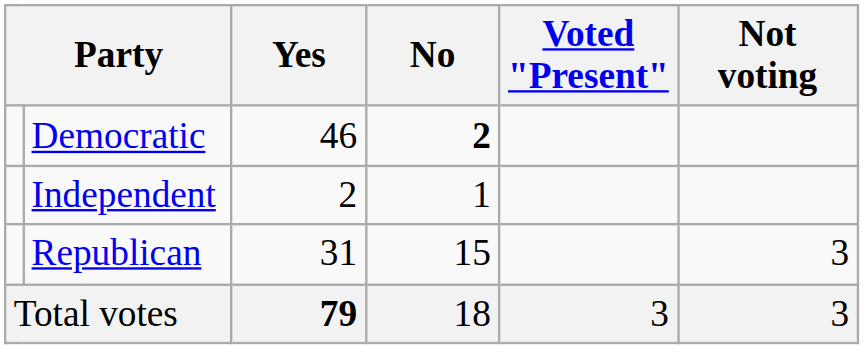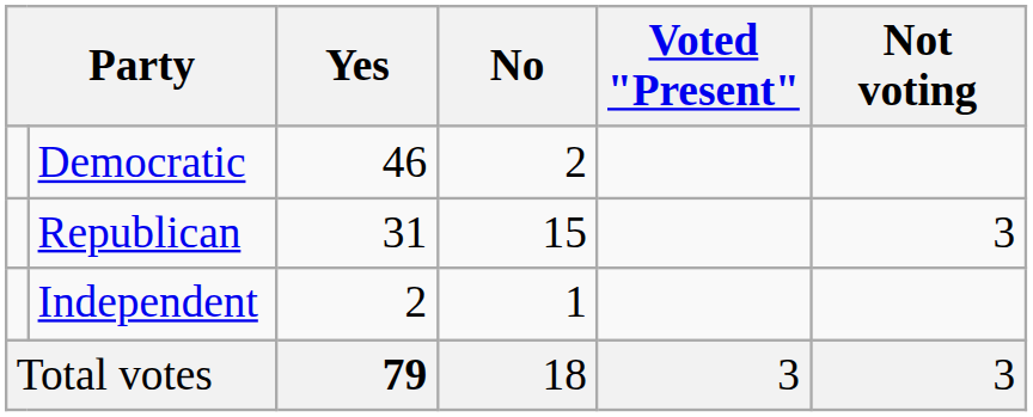 <table class="wikitable" style="margin-right: 1em; background: #f9f9f9; text-align: right;">
 <tr>
 <th colspan="2" scope="col" style="width: 90px">Party</th>
 <th scope="col" style="width: 50px">Yes</th>
 <th scope="col" style="width: 50px">No</th>
 <th scope="col" style="width: 50px"><a href='#'>Voted "Present"</a></th>
 <th scope="col" style="width: 70px">Not voting</th>
 </tr>
 <tr>
 <td scope="row" style="background-color:"></td>
 <td scope="row" style="text-align: left;"><a href='#'>Democratic</a></td>
 <td>46</td>
-<td><strong>2</strong></td>
-<td></td>
-<td></td>
-</tr>
-<tr>
-<td scope="row" style="background-color:"></td>
-<td scope="row" style="text-align: left;"><a href='#'>Independent</a></td>
 <td>2</td>
-<td>1</td>
 <td></td>
 <td></td>
 </tr>
 <tr>
 <td scope="row" style="background-color:"></td>
 <td scope="row" style="text-align: left;"><a href='#'>Republican</a></td>
 <td>31</td>
 <td>15</td>
 <td></td>
 <td>3</td>
 </tr>
+<tr>
+<td scope="row" style="background-color:"></td>
+<td scope="row" style="text-align: left;"><a href='#'>Independent</a></td>
+<td>2</td>
+<td>1</td>
+<td></td>
+<td></td>
+</tr>
 <tr class="tfoot" style="background:#f2f2f2;">
 <td scope="row" colspan="2" style="text-align:left;">Total votes</td>
 <td><strong>79</strong></td>
 <td>18</td>
 <td>3</td>
 <td>3</td>
 </tr>
 </table>
